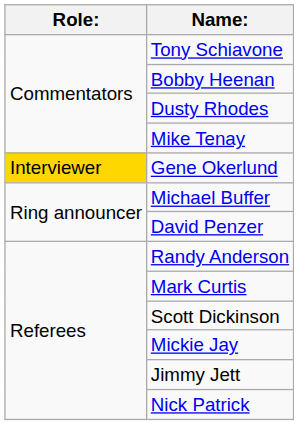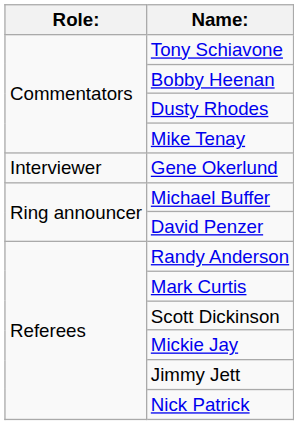 <table class=wikitable style="font-size:90%; margin: 0.5em 0 0.5em 1em; float: right; clear: right;">
 <tr>
 <th>Role:</th>
 <th>Name:</th>
 </tr>
 <tr>
 <td rowspan=4>Commentators</td>
 <td><a href='#'>Tony Schiavone</a></td>
 </tr>
 <tr>
 <td><a href='#'>Bobby Heenan</a></td>
 </tr>
 <tr>
 <td><a href='#'>Dusty Rhodes</a></td>
 </tr>
 <tr>
 <td><a href='#'>Mike Tenay</a></td>
 </tr>
 <tr>
-<td style="background: gold;">Interviewer</td>
+<td>Interviewer</td>
 <td><a href='#'>Gene Okerlund</a></td>
 </tr>
 <tr>
 <td rowspan=2>Ring announcer</td>
 <td><a href='#'>Michael Buffer</a></td>
 </tr>
 <tr>
 <td><a href='#'>David Penzer</a></td>
 </tr>
 <tr>
 <td rowspan=6>Referees</td>
 <td><a href='#'>Randy Anderson</a></td>
 </tr>
 <tr>
 <td><a href='#'>Mark Curtis</a></td>
 </tr>
 <tr>
 <td>Scott Dickinson</td>
 </tr>
 <tr>
 <td><a href='#'>Mickie Jay</a></td>
 </tr>
 <tr>
 <td>Jimmy Jett</td>
 </tr>
 <tr>
 <td><a href='#'>Nick Patrick</a></td>
 </tr>
 </table>
